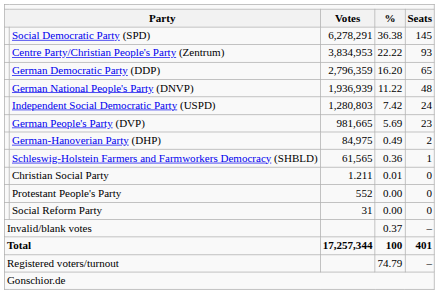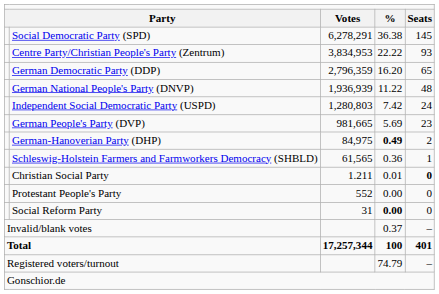 <table class=wikitable style=text-align:right>
 <tr>
 <td colspan=5 align=center></td>
 </tr>
 <tr>
 <th colspan=2>Party</th>
 <th>Votes</th>
 <th>%</th>
 <th>Seats</th>
 </tr>
 <tr>
 <td bgcolor=></td>
 <td align=left><a href='#'>Social Democratic Party</a> (SPD)</td>
 <td>6,278,291</td>
 <td>36.38</td>
 <td>145</td>
 </tr>
 <tr>
 <td bgcolor=></td>
 <td align=left><a href='#'>Centre Party/Christian People's Party</a> (Zentrum)</td>
 <td>3,834,953</td>
 <td>22.22</td>
 <td>93</td>
 </tr>
 <tr>
 <td bgcolor=></td>
 <td align=left><a href='#'>German Democratic Party</a> (DDP)</td>
 <td>2,796,359</td>
 <td>16.20</td>
 <td>65</td>
 </tr>
 <tr>
 <td bgcolor=></td>
 <td align=left><a href='#'>German National People's Party</a> (DNVP)</td>
 <td>1,936,939</td>
 <td>11.22</td>
 <td>48</td>
 </tr>
 <tr>
 <td bgcolor=></td>
 <td align=left><a href='#'>Independent Social Democratic Party</a> (USPD)</td>
 <td>1,280,803</td>
 <td>7.42</td>
 <td>24</td>
 </tr>
 <tr>
 <td bgcolor=></td>
 <td align=left><a href='#'>German People's Party</a> (DVP)</td>
 <td>981,665</td>
 <td>5.69</td>
 <td>23</td>
 </tr>
 <tr>
 <td bgcolor=></td>
 <td align=left><a href='#'>German-Hanoverian Party</a> (DHP)</td>
 <td>84,975</td>
-<td>0.49</td>
+<td><strong>0.49</strong></td>
 <td>2</td>
 </tr>
 <tr>
 <td bgcolor=  ></td>
 <td align=left><a href='#'>Schleswig-Holstein Farmers and Farmworkers Democracy</a> (SHBLD)</td>
 <td>61,565</td>
 <td>0.36</td>
 <td>1</td>
 </tr>
 <tr>
 <td></td>
 <td align=left>Christian Social Party</td>
 <td>1.211</td>
 <td>0.01</td>
-<td>0</td>
+<td><strong>0</strong></td>
 </tr>
 <tr>
 <td></td>
 <td align=left>Protestant People's Party</td>
 <td>552</td>
 <td>0.00</td>
 <td>0</td>
 </tr>
 <tr>
 <td></td>
 <td align=left>Social Reform Party</td>
 <td>31</td>
-<td>0.00</td>
+<td><strong>0.00</strong></td>
 <td>0</td>
 </tr>
 <tr>
 <td colspan=2 align=left>Invalid/blank votes</td>
 <td></td>
 <td>0.37</td>
 <td>–</td>
 </tr>
 <tr>
 <td colspan=2 align=left><strong>Total</strong></td>
 <td><strong>17,257,344</strong></td>
 <td><strong>100</strong></td>
 <td><strong>401</strong></td>
 </tr>
 <tr>
 <td colspan=2 align=left>Registered voters/turnout</td>
 <td></td>
 <td>74.79</td>
 <td>–</td>
 </tr>
 <tr>
 <td align=left colspan=5>Gonschior.de</td>
 </tr>
 </table>
